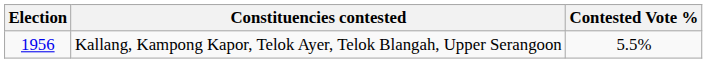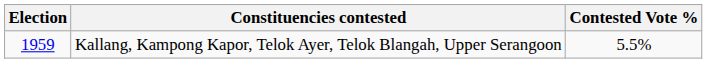 <table class="wikitable" style="text-align: center">
 <tr>
 <th>Election</th>
 <th>Constituencies contested</th>
 <th>Contested Vote %</th>
 </tr>
 <tr>
-<td><a href='#'>1956</a></td>
+<td><a href='#'>1959</a></td>
 <td>Kallang, Kampong Kapor, Telok Ayer, Telok Blangah, Upper Serangoon</td>
 <td> 5.5%</td>
 </tr>
 </table>
